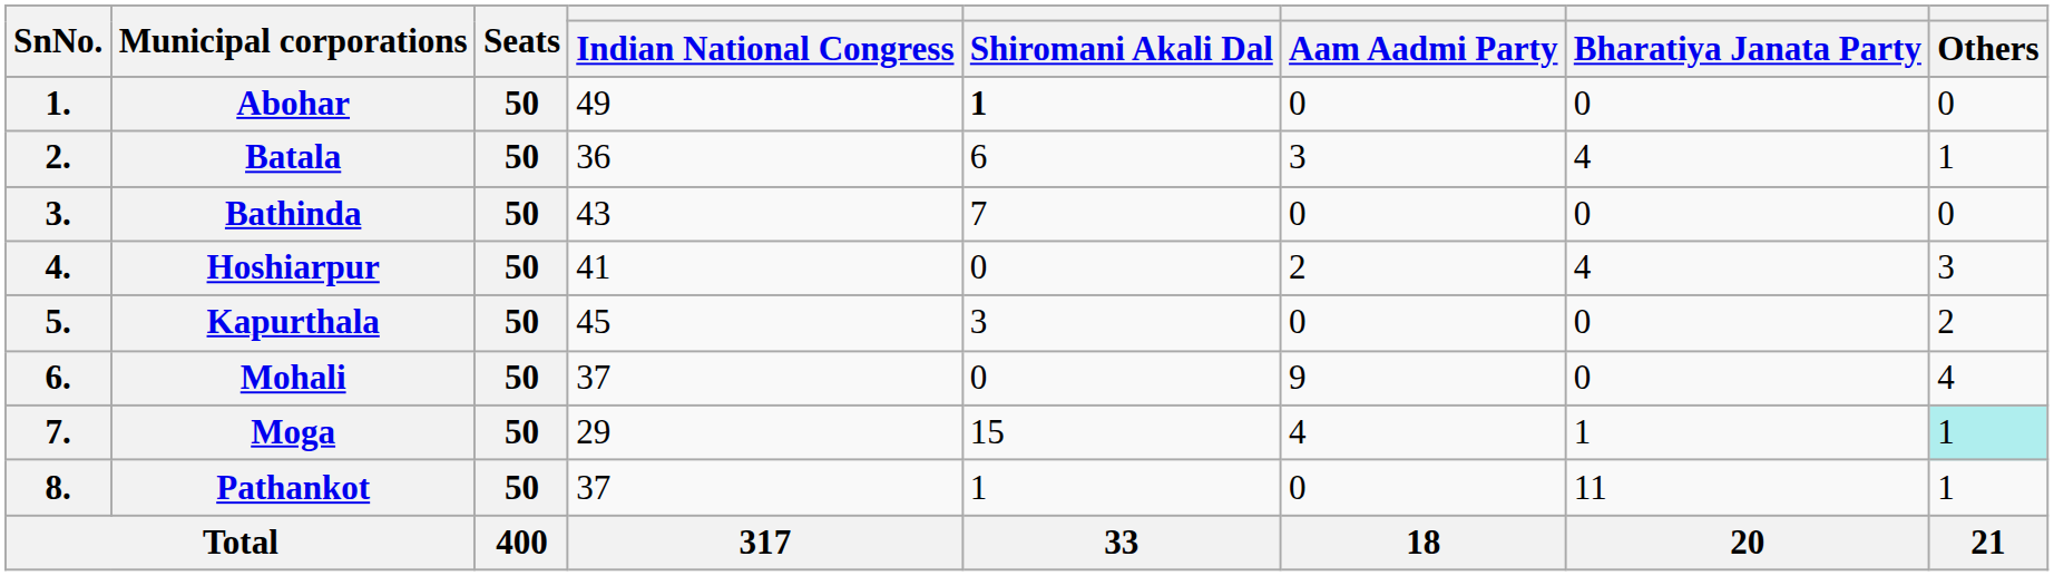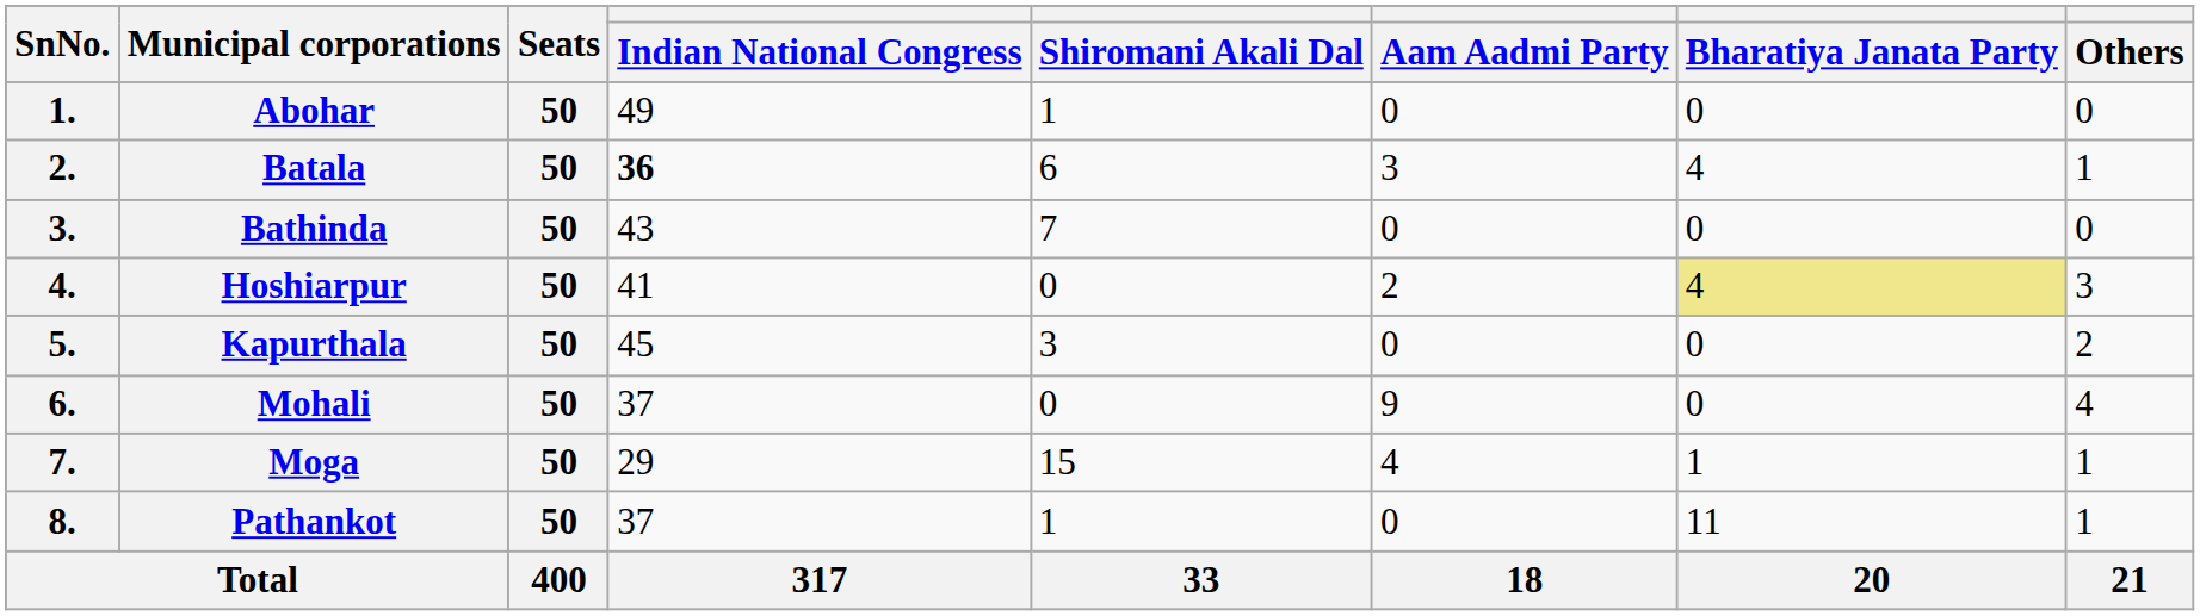 <table class="wikitable sortable">
 <tr>
 <th rowspan="2">SnNo.</th>
 <th rowspan="2">Municipal corporations</th>
 <th rowspan="2">Seats</th>
 <th style="background:"></th>
 <th style="background:"></th>
 <th style="background:"></th>
 <th style="background:"></th>
 <th style="background:"></th>
 </tr>
 <tr>
 <th> <a href='#'>Indian National Congress</a></th>
 <th> <a href='#'>Shiromani Akali Dal</a></th>
 <th> <a href='#'>Aam Aadmi Party</a></th>
 <th> <a href='#'>Bharatiya Janata Party</a></th>
 <th>Others</th>
 </tr>
 <tr>
 <th>1.</th>
 <th><a href='#'>Abohar</a></th>
 <th>50</th>
 <td>49</td>
-<td><strong>1</strong></td>
+<td>1</td>
 <td>0</td>
 <td>0</td>
 <td>0</td>
 </tr>
 <tr>
 <th>2.</th>
 <th><a href='#'>Batala</a></th>
 <th>50</th>
-<td>36</td>
+<td><strong>36</strong></td>
 <td>6</td>
 <td>3</td>
 <td>4</td>
 <td>1</td>
 </tr>
 <tr>
 <th>3.</th>
 <th><a href='#'>Bathinda</a></th>
 <th>50</th>
 <td>43</td>
 <td>7</td>
 <td>0</td>
 <td>0</td>
 <td>0</td>
 </tr>
 <tr>
 <th>4.</th>
 <th><a href='#'>Hoshiarpur</a></th>
 <th>50</th>
 <td>41</td>
 <td>0</td>
 <td>2</td>
-<td>4</td>
+<td style="background: khaki;">4</td>
 <td>3</td>
 </tr>
 <tr>
 <th>5.</th>
 <th><a href='#'>Kapurthala</a></th>
 <th>50</th>
 <td>45</td>
 <td>3</td>
 <td>0</td>
 <td>0</td>
 <td>2</td>
 </tr>
 <tr>
 <th>6.</th>
 <th><a href='#'>Mohali</a></th>
 <th>50</th>
 <td>37</td>
 <td>0</td>
 <td>9</td>
 <td>0</td>
 <td>4</td>
 </tr>
 <tr>
 <th>7.</th>
 <th><a href='#'>Moga</a></th>
 <th>50</th>
 <td>29</td>
 <td>15</td>
 <td>4</td>
 <td>1</td>
-<td style="background: paleturquoise;">1</td>
+<td>1</td>
 </tr>
 <tr>
 <th>8.</th>
 <th><a href='#'>Pathankot</a></th>
 <th>50</th>
 <td>37</td>
 <td>1</td>
 <td>0</td>
 <td>11</td>
 <td>1</td>
 </tr>
 <tr>
 <th colspan="2">Total</th>
 <th>400</th>
 <th>317</th>
 <th>33</th>
 <th>18</th>
 <th>20</th>
 <th>21</th>
 </tr>
 </table>
